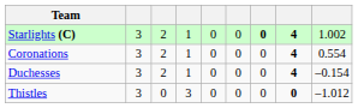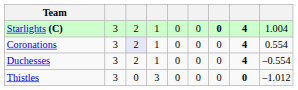 <table class="wikitable" style="text-align:center">
 <tr>
 <th width="150">Team</th>
 <th width="25"></th>
 <th width="25"></th>
 <th width="25"></th>
 <th width="25"></th>
 <th width="25"></th>
 <th width="25"></th>
 <th width="40"></th>
 <th width="45"></th>
 </tr>
 <tr style="background:#cfc">
 <td style="text-align:left"><a href='#'>Starlights</a> <strong>(C)</strong></td>
 <td>3</td>
 <td>2</td>
 <td>1</td>
 <td>0</td>
 <td>0</td>
 <td><strong>0</strong></td>
 <td><strong>4</strong></td>
-<td>1.002</td>
+<td>1.004</td>
 </tr>
 <tr>
 <td style="text-align:left"><a href='#'>Coronations</a></td>
 <td>3</td>
-<td>2</td>
+<td style="background: lavender;">2</td>
 <td>1</td>
 <td>0</td>
 <td>0</td>
 <td>0</td>
 <td><strong>4</strong></td>
 <td>0.554</td>
 </tr>
 <tr>
 <td style="text-align:left"><a href='#'>Duchesses</a></td>
 <td>3</td>
 <td>2</td>
 <td>1</td>
 <td>0</td>
 <td>0</td>
 <td>0</td>
 <td><strong>4</strong></td>
-<td>–0.154</td>
+<td>–0.554</td>
 </tr>
 <tr>
 <td style="text-align:left"><a href='#'>Thistles</a></td>
 <td>3</td>
 <td>0</td>
 <td>3</td>
 <td>0</td>
 <td>0</td>
 <td>0</td>
 <td><strong>0</strong></td>
 <td>–1.012</td>
 </tr>
 </table>
